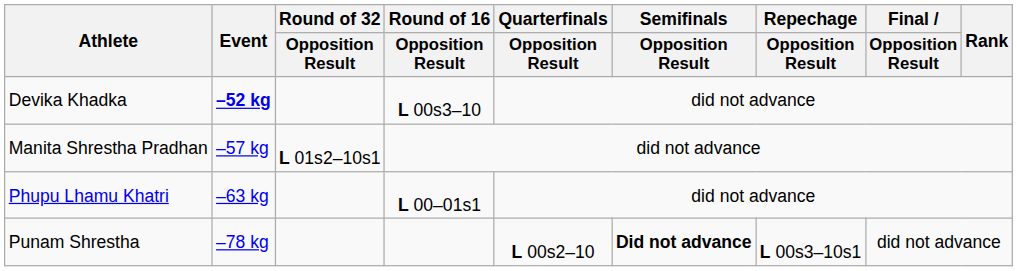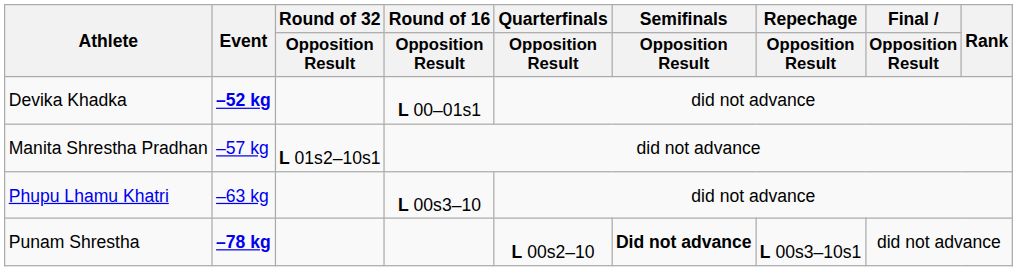 <table class=wikitable style=font-size:90%;text-align:center>
 <tr>
 <th rowspan="2">Athlete</th>
 <th rowspan="2">Event</th>
 <th>Round of 32</th>
 <th>Round of 16</th>
 <th>Quarterfinals</th>
 <th>Semifinals</th>
 <th>Repechage</th>
 <th>Final / </th>
 <th rowspan=2>Rank</th>
 </tr>
 <tr style="font-size:95%">
 <th>Opposition<br>Result</th>
 <th>Opposition<br>Result</th>
 <th>Opposition<br>Result</th>
 <th>Opposition<br>Result</th>
 <th>Opposition<br>Result</th>
 <th>Opposition<br>Result</th>
 </tr>
 <tr>
 <td align=left>Devika Khadka</td>
 <td align=left><strong><a href='#'>–52 kg</a></strong></td>
 <td></td>
-<td><br><strong>L</strong> 00s3–10</td>
+<td><br><strong>L</strong> 00–01s1</td>
 <td colspan=5>did not advance</td>
 </tr>
 <tr>
 <td align=left>Manita Shrestha Pradhan</td>
 <td align=left><a href='#'>–57 kg</a></td>
 <td><br><strong>L</strong> 01s2–10s1</td>
 <td colspan=6>did not advance</td>
 </tr>
 <tr>
 <td align=left><a href='#'>Phupu Lhamu Khatri</a></td>
 <td align=left><a href='#'>–63 kg</a></td>
 <td></td>
-<td><br><strong>L</strong> 00–01s1</td>
+<td><br><strong>L</strong> 00s3–10</td>
 <td colspan=5>did not advance</td>
 </tr>
 <tr>
 <td align=left>Punam Shrestha</td>
-<td align=left><a href='#'>–78 kg</a></td>
+<td align=left><strong><a href='#'>–78 kg</a></strong></td>
 <td></td>
 <td></td>
 <td><br><strong>L</strong> 00s2–10</td>
 <td><strong>Did not advance</strong></td>
 <td><br><strong>L</strong> 00s3–10s1</td>
 <td colspan=2>did not advance</td>
 </tr>
 </table>
